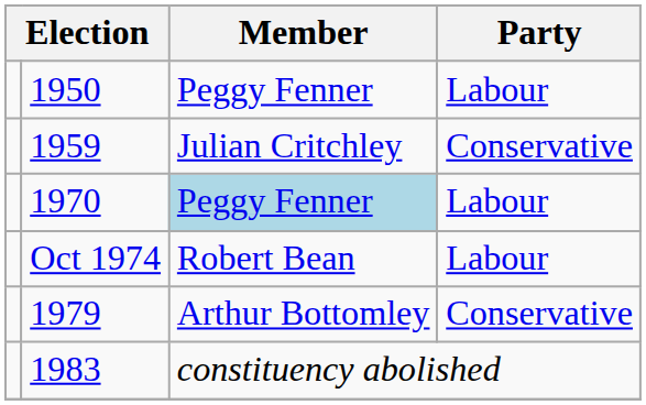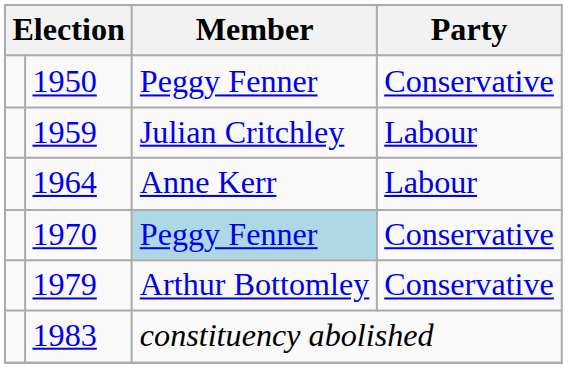 <table class="wikitable">
 <tr>
 <th colspan="2">Election</th>
 <th>Member</th>
 <th>Party</th>
 </tr>
 <tr>
 <td style="color:inherit;background-color: "></td>
 <td><a href='#'>1950</a></td>
 <td><a href='#'>Peggy Fenner</a></td>
-<td><a href='#'>Labour</a></td>
+<td><a href='#'>Conservative</a></td>
 </tr>
 <tr>
 <td style="color:inherit;background-color: "></td>
 <td><a href='#'>1959</a></td>
 <td><a href='#'>Julian Critchley</a></td>
-<td><a href='#'>Conservative</a></td>
+<td><a href='#'>Labour</a></td>
+</tr>
+<tr>
+<td style="color:inherit;background-color: "></td>
+<td><a href='#'>1964</a></td>
+<td><a href='#'>Anne Kerr</a></td>
+<td><a href='#'>Labour</a></td>
 </tr>
 <tr>
 <td style="color:inherit;background-color: "></td>
 <td><a href='#'>1970</a></td>
 <td style="background: lightblue;"><a href='#'>Peggy Fenner</a></td>
-<td><a href='#'>Labour</a></td>
-</tr>
-<tr>
-<td style="color:inherit;background-color: "></td>
-<td><a href='#'>Oct 1974</a></td>
-<td><a href='#'>Robert Bean</a></td>
-<td><a href='#'>Labour</a></td>
+<td><a href='#'>Conservative</a></td>
 </tr>
 <tr>
 <td style="color:inherit;background-color: "></td>
 <td><a href='#'>1979</a></td>
 <td><a href='#'>Arthur Bottomley</a></td>
 <td><a href='#'>Conservative</a></td>
 </tr>
 <tr>
 <td></td>
 <td><a href='#'>1983</a></td>
 <td colspan="2"><em>constituency abolished</em></td>
 </tr>
 <tr>
 </tr>
 </table>
